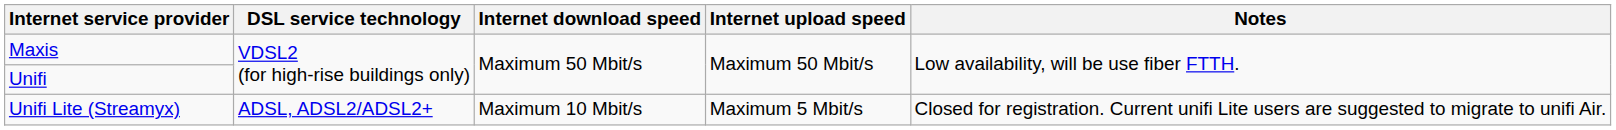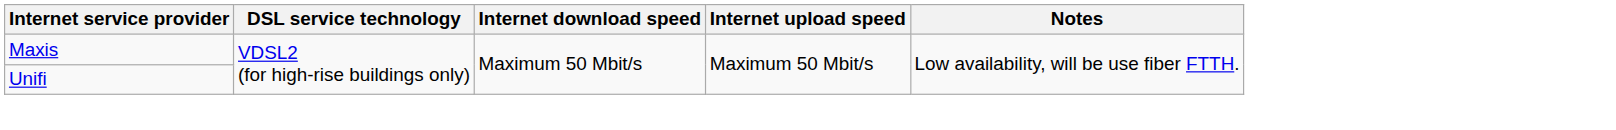 <table class="wikitable">
 <tr>
 <th>Internet service provider</th>
 <th>DSL service technology</th>
 <th>Internet download speed</th>
 <th>Internet upload speed</th>
 <th>Notes</th>
 </tr>
 <tr>
 <td><a href='#'>Maxis</a></td>
 <td rowspan="2"><a href='#'>VDSL2</a><br>(for high-rise buildings only)</td>
 <td rowspan="2">Maximum 50 Mbit/s</td>
 <td rowspan="2">Maximum 50 Mbit/s</td>
 <td rowspan="2">Low availability, will be use fiber <a href='#'>FTTH</a>.</td>
 </tr>
 <tr>
 <td><a href='#'>Unifi</a></td>
 </tr>
-<tr>
-<td><a href='#'>Unifi Lite (Streamyx)</a></td>
-<td><a href='#'>ADSL, ADSL2/ADSL2+</a></td>
-<td>Maximum 10 Mbit/s</td>
-<td>Maximum 5 Mbit/s</td>
-<td>Closed for registration. Current unifi Lite users are suggested to migrate to unifi Air.</td>
-</tr>
 </table>
